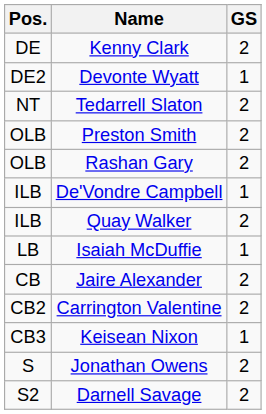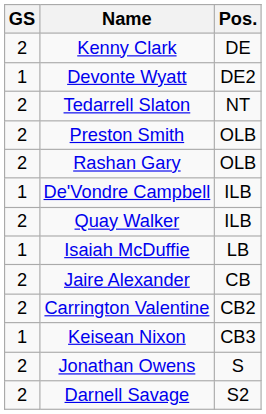 <table class="wikitable" style="text-align:center">
 <tr>
+<th>GS</th>
+<th>Name</th>
 <th>Pos.</th>
-<th>Name</th>
-<th>GS</th>
 </tr>
 <tr>
+<td>2</td>
+<td><a href='#'>Kenny Clark</a></td>
 <td>DE</td>
-<td><a href='#'>Kenny Clark</a></td>
-<td>2</td>
 </tr>
 <tr>
+<td>1</td>
+<td><a href='#'>Devonte Wyatt</a></td>
 <td>DE2</td>
-<td><a href='#'>Devonte Wyatt</a></td>
-<td>1</td>
 </tr>
 <tr>
+<td>2</td>
+<td><a href='#'>Tedarrell Slaton</a></td>
 <td>NT</td>
-<td><a href='#'>Tedarrell Slaton</a></td>
-<td>2</td>
 </tr>
 <tr>
+<td>2</td>
+<td><a href='#'>Preston Smith</a></td>
 <td>OLB</td>
-<td><a href='#'>Preston Smith</a></td>
-<td>2</td>
 </tr>
 <tr>
+<td>2</td>
+<td><a href='#'>Rashan Gary</a></td>
 <td>OLB</td>
-<td><a href='#'>Rashan Gary</a></td>
-<td>2</td>
 </tr>
 <tr>
+<td>1</td>
+<td><a href='#'>De'Vondre Campbell</a></td>
 <td>ILB</td>
-<td><a href='#'>De'Vondre Campbell</a></td>
-<td>1</td>
 </tr>
 <tr>
+<td>2</td>
+<td><a href='#'>Quay Walker</a></td>
 <td>ILB</td>
-<td><a href='#'>Quay Walker</a></td>
-<td>2</td>
 </tr>
 <tr>
+<td>1</td>
+<td><a href='#'>Isaiah McDuffie</a></td>
 <td>LB</td>
-<td><a href='#'>Isaiah McDuffie</a></td>
-<td>1</td>
 </tr>
 <tr>
+<td>2</td>
+<td><a href='#'>Jaire Alexander</a></td>
 <td>CB</td>
-<td><a href='#'>Jaire Alexander</a></td>
-<td>2</td>
 </tr>
 <tr>
+<td>2</td>
+<td><a href='#'>Carrington Valentine</a></td>
 <td>CB2</td>
-<td><a href='#'>Carrington Valentine</a></td>
-<td>2</td>
 </tr>
 <tr>
+<td>1</td>
+<td><a href='#'>Keisean Nixon</a></td>
 <td>CB3</td>
-<td><a href='#'>Keisean Nixon</a></td>
-<td>1</td>
 </tr>
 <tr>
+<td>2</td>
+<td><a href='#'>Jonathan Owens</a></td>
 <td>S</td>
-<td><a href='#'>Jonathan Owens</a></td>
-<td>2</td>
 </tr>
 <tr>
+<td>2</td>
+<td><a href='#'>Darnell Savage</a></td>
 <td>S2</td>
-<td><a href='#'>Darnell Savage</a></td>
-<td>2</td>
 </tr>
 </table>
